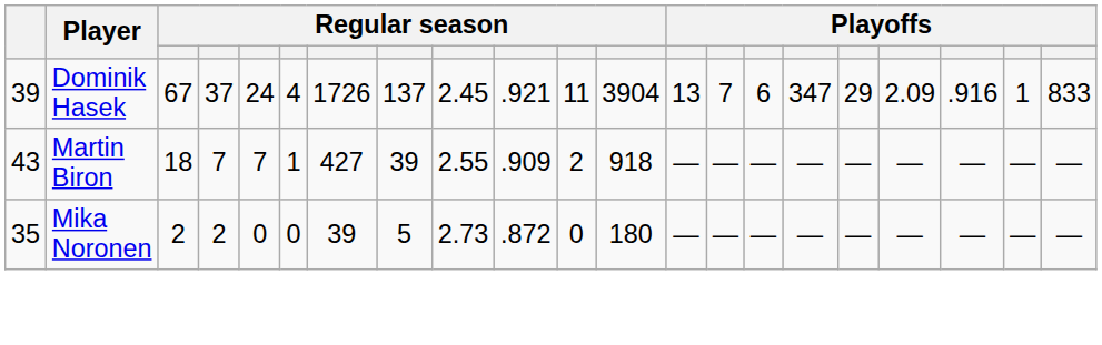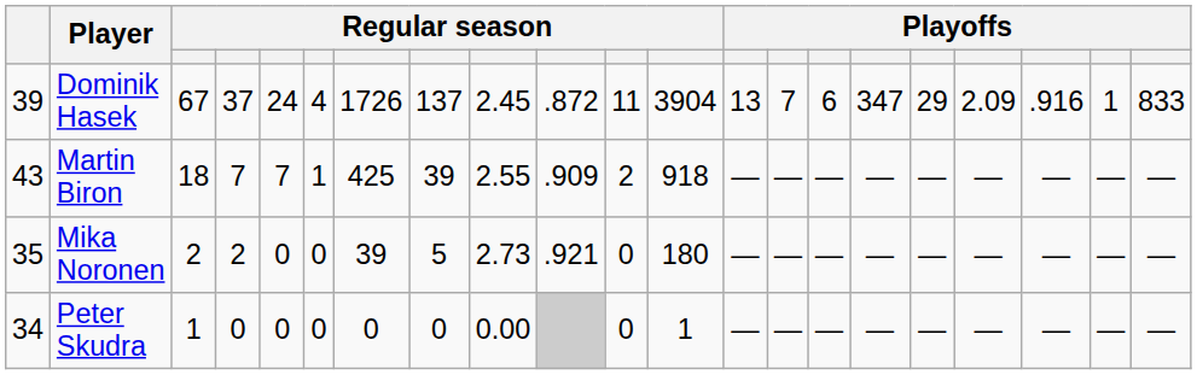 <table class="wikitable plainrowheaders" style="text-align:center;">
 <tr>
 <th scope="col" rowspan="2"></th>
 <th scope="col" rowspan="2">Player</th>
 <th scope=colgroup colspan=10>Regular season</th>
 <th scope=colgroup colspan=9>Playoffs</th>
 </tr>
 <tr>
 <th scope="col"></th>
 <th scope="col"></th>
 <th scope="col"></th>
 <th scope="col"></th>
 <th scope="col"></th>
 <th scope="col"></th>
 <th scope="col"></th>
 <th scope="col"></th>
 <th scope="col"></th>
 <th scope="col"></th>
 <th scope="col"></th>
 <th scope="col"></th>
 <th scope="col"></th>
 <th scope="col"></th>
 <th scope="col"></th>
 <th scope="col"></th>
 <th scope="col"></th>
 <th scope="col"></th>
 <th scope="col"></th>
 </tr>
 <tr>
 <td scope="row">39</td>
 <td align="left"><a href='#'>Dominik Hasek</a></td>
 <td>67</td>
 <td>37</td>
 <td>24</td>
 <td>4</td>
 <td>1726</td>
 <td>137</td>
 <td>2.45</td>
-<td>.921</td>
+<td>.872</td>
 <td>11</td>
 <td>3904</td>
 <td>13</td>
 <td>7</td>
 <td>6</td>
 <td>347</td>
 <td>29</td>
 <td>2.09</td>
 <td>.916</td>
 <td>1</td>
 <td>833</td>
 </tr>
 <tr>
 <td scope="row">43</td>
 <td align="left"><a href='#'>Martin Biron</a></td>
 <td>18</td>
 <td>7</td>
 <td>7</td>
 <td>1</td>
-<td>427</td>
+<td>425</td>
 <td>39</td>
 <td>2.55</td>
 <td>.909</td>
 <td>2</td>
 <td>918</td>
 <td>—</td>
 <td>—</td>
 <td>—</td>
 <td>—</td>
 <td>—</td>
 <td>—</td>
 <td>—</td>
 <td>—</td>
 <td>—</td>
 </tr>
 <tr>
 <td scope="row">35</td>
 <td align="left"><a href='#'>Mika Noronen</a></td>
 <td>2</td>
 <td>2</td>
 <td>0</td>
 <td>0</td>
 <td>39</td>
 <td>5</td>
 <td>2.73</td>
-<td>.872</td>
+<td>.921</td>
 <td>0</td>
 <td>180</td>
 <td>—</td>
 <td>—</td>
 <td>—</td>
 <td>—</td>
 <td>—</td>
 <td>—</td>
 <td>—</td>
 <td>—</td>
 <td>—</td>
 </tr>
+<tr>
+<td scope="row">34</td>
+<td align="left"><a href='#'>Peter Skudra</a></td>
+<td>1</td>
+<td>0</td>
+<td>0</td>
+<td>0</td>
+<td>0</td>
+<td>0</td>
+<td>0.00</td>
+<td style="background:#ccc"></td>
+<td>0</td>
+<td>1</td>
+<td>—</td>
+<td>—</td>
+<td>—</td>
+<td>—</td>
+<td>—</td>
+<td>—</td>
+<td>—</td>
+<td>—</td>
+<td>—</td>
+</tr>
 </table>
